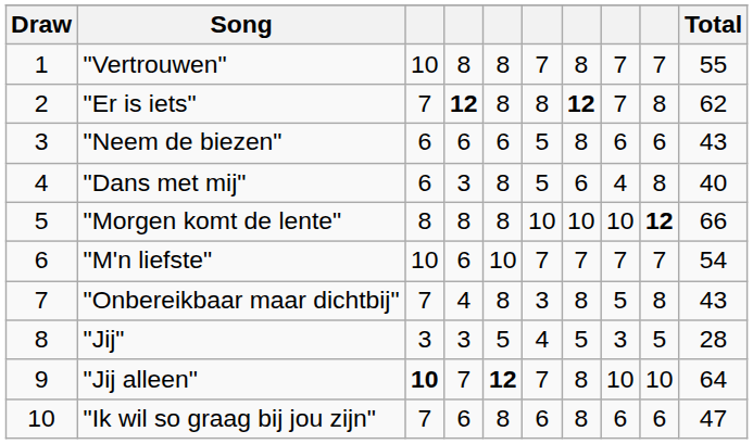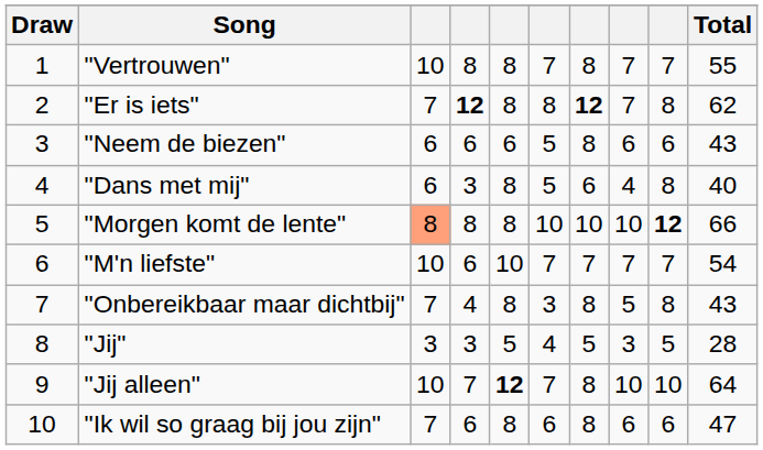 <table class="wikitable" style="margin: 1em auto 1em auto; text-align:center">
 <tr>
 </tr>
 <tr>
 <th>Draw</th>
 <th>Song</th>
 <th></th>
 <th></th>
 <th></th>
 <th></th>
 <th></th>
 <th></th>
 <th></th>
 <th>Total</th>
 </tr>
 <tr>
 <td>1</td>
 <td align="left">"Vertrouwen"</td>
 <td>10</td>
 <td>8</td>
 <td>8</td>
 <td>7</td>
 <td>8</td>
 <td>7</td>
 <td>7</td>
 <td>55</td>
 </tr>
 <tr>
 <td>2</td>
 <td align="left">"Er is iets"</td>
 <td>7</td>
 <td><strong>12</strong></td>
 <td>8</td>
 <td>8</td>
 <td><strong>12</strong></td>
 <td>7</td>
 <td>8</td>
 <td>62</td>
 </tr>
 <tr>
 <td>3</td>
 <td align="left">"Neem de biezen"</td>
 <td>6</td>
 <td>6</td>
 <td>6</td>
 <td>5</td>
 <td>8</td>
 <td>6</td>
 <td>6</td>
 <td>43</td>
 </tr>
 <tr>
 <td>4</td>
 <td align="left">"Dans met mij"</td>
 <td>6</td>
 <td>3</td>
 <td>8</td>
 <td>5</td>
 <td>6</td>
 <td>4</td>
 <td>8</td>
 <td>40</td>
 </tr>
 <tr>
 <td>5</td>
 <td align="left">"Morgen komt de lente"</td>
-<td>8</td>
+<td style="background: lightsalmon;">8</td>
 <td>8</td>
 <td>8</td>
 <td>10</td>
 <td>10</td>
 <td>10</td>
 <td><strong>12</strong></td>
 <td>66</td>
 </tr>
 <tr>
 <td>6</td>
 <td align="left">"M'n liefste"</td>
 <td>10</td>
 <td>6</td>
 <td>10</td>
 <td>7</td>
 <td>7</td>
 <td>7</td>
 <td>7</td>
 <td>54</td>
 </tr>
 <tr>
 <td>7</td>
 <td align="left">"Onbereikbaar maar dichtbij"</td>
 <td>7</td>
 <td>4</td>
 <td>8</td>
 <td>3</td>
 <td>8</td>
 <td>5</td>
 <td>8</td>
 <td>43</td>
 </tr>
 <tr>
 <td>8</td>
 <td align="left">"Jij"</td>
 <td>3</td>
 <td>3</td>
 <td>5</td>
 <td>4</td>
 <td>5</td>
 <td>3</td>
 <td>5</td>
 <td>28</td>
 </tr>
 <tr>
 <td>9</td>
 <td align="left">"Jij alleen"</td>
-<td><strong>10</strong></td>
+<td>10</td>
 <td>7</td>
 <td><strong>12</strong></td>
 <td>7</td>
 <td>8</td>
 <td>10</td>
 <td>10</td>
 <td>64</td>
 </tr>
 <tr>
 <td>10</td>
 <td align="left">"Ik wil so graag bij jou zijn"</td>
 <td>7</td>
 <td>6</td>
 <td>8</td>
 <td>6</td>
 <td>8</td>
 <td>6</td>
 <td>6</td>
 <td>47</td>
 </tr>
 </table>
